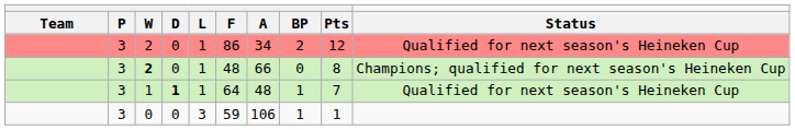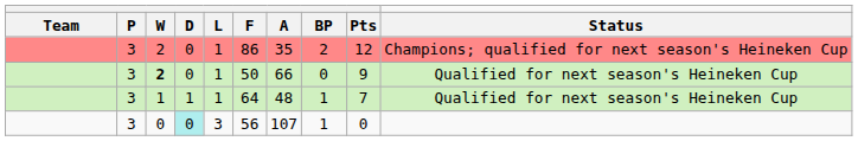 <table class="wikitable" style="text-align:center">
 <tr>
 <th colspan="9" width="317px"></th>
 </tr>
 <tr>
 <th width="90px">Team</th>
 <th>P</th>
 <th>W</th>
 <th>D</th>
 <th>L</th>
 <th width="23px">F</th>
 <th width="23px">A</th>
 <th>BP</th>
 <th width="23px">Pts</th>
 <th>Status</th>
 </tr>
 <tr bgcolor="#FF8888">
 <td></td>
 <td>3</td>
 <td>2</td>
 <td>0</td>
 <td>1</td>
 <td>86</td>
-<td>34</td>
+<td>35</td>
 <td>2</td>
 <td>12</td>
-<td>Qualified for next season's Heineken Cup</td>
+<td>Champions; qualified for next season's Heineken Cup</td>
 </tr>
 <tr bgcolor="#D0F0C0">
 <td></td>
 <td>3</td>
 <td><strong>2</strong></td>
 <td>0</td>
 <td>1</td>
-<td>48</td>
+<td>50</td>
 <td>66</td>
 <td>0</td>
-<td>8</td>
-<td>Champions; qualified for next season's Heineken Cup</td>
+<td>9</td>
+<td>Qualified for next season's Heineken Cup</td>
 </tr>
 <tr bgcolor="#D0F0C0">
 <td></td>
 <td>3</td>
 <td>1</td>
-<td><strong>1</strong></td>
+<td>1</td>
 <td>1</td>
 <td>64</td>
 <td>48</td>
 <td>1</td>
 <td>7</td>
 <td>Qualified for next season's Heineken Cup</td>
 </tr>
 <tr>
 <td></td>
 <td>3</td>
 <td>0</td>
+<td style="background: paleturquoise;">0</td>
+<td>3</td>
+<td>56</td>
+<td>107</td>
+<td>1</td>
 <td>0</td>
-<td>3</td>
-<td>59</td>
-<td>106</td>
-<td>1</td>
-<td>1</td>
 <td></td>
 </tr>
 </table>
